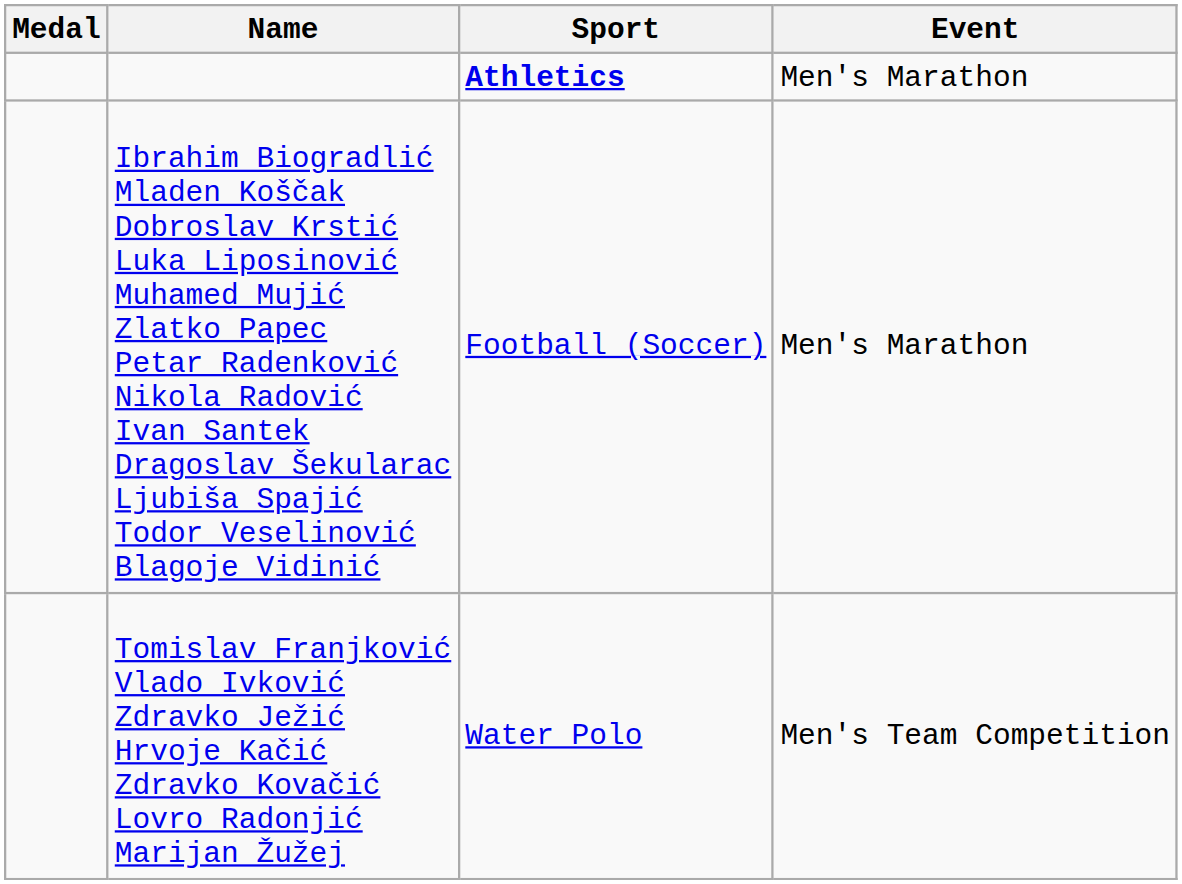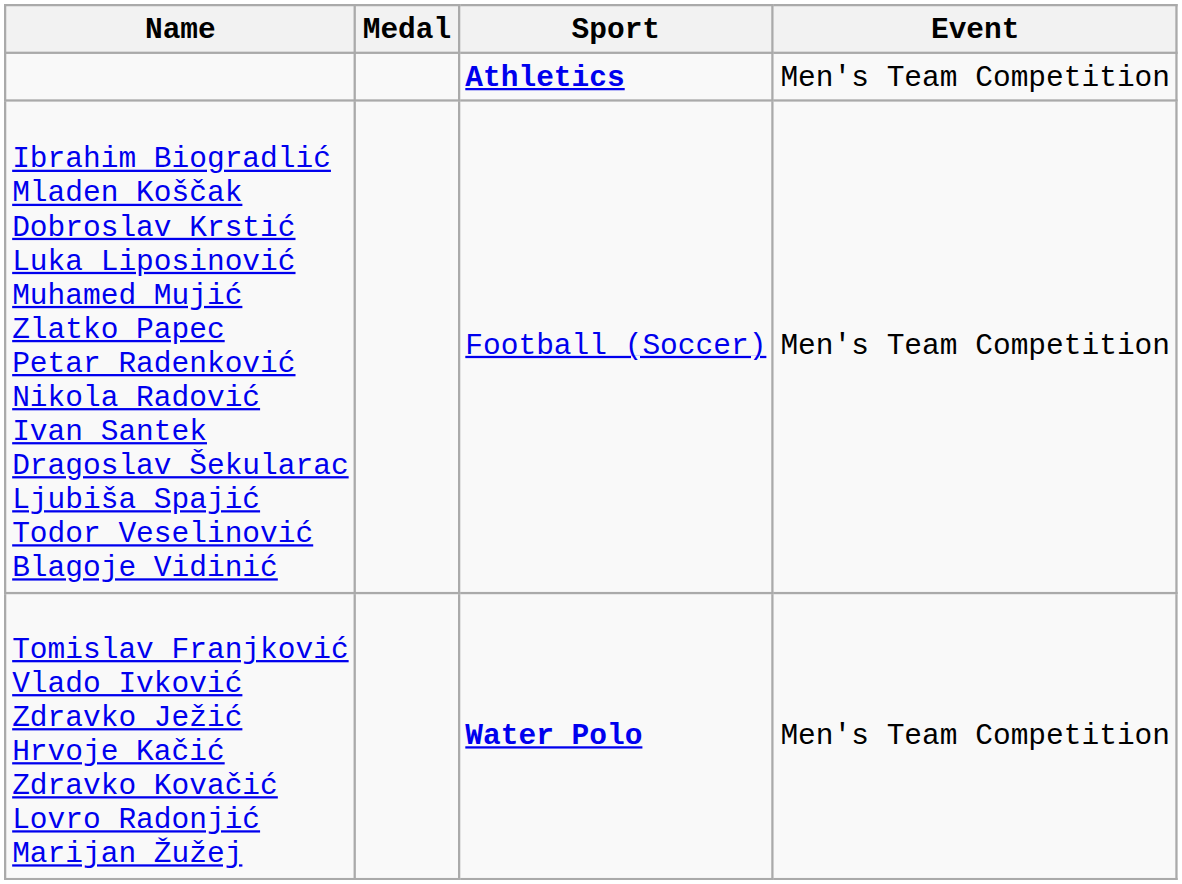 <table class="wikitable sortable">
 <tr>
+<th>Name</th>
 <th>Medal</th>
-<th>Name</th>
 <th>Sport</th>
 <th>Event</th>
 </tr>
 <tr>
 <td></td>
 <td></td>
 <td><strong><a href='#'>Athletics</a></strong></td>
-<td>Men's Marathon</td>
+<td>Men's Team Competition</td>
 </tr>
 <tr>
+<td> <br><a href='#'>Ibrahim Biogradlić</a> <br><a href='#'>Mladen Koščak</a> <br><a href='#'>Dobroslav Krstić</a> <br><a href='#'>Luka Liposinović</a> <br><a href='#'>Muhamed Mujić</a> <br><a href='#'>Zlatko Papec</a> <br><a href='#'>Petar Radenković</a> <br><a href='#'>Nikola Radović</a> <br><a href='#'>Ivan Santek</a> <br><a href='#'>Dragoslav Šekularac</a> <br><a href='#'>Ljubiša Spajić</a> <br><a href='#'>Todor Veselinović</a> <br><a href='#'>Blagoje Vidinić</a></td>
 <td></td>
-<td> <br><a href='#'>Ibrahim Biogradlić</a> <br><a href='#'>Mladen Koščak</a> <br><a href='#'>Dobroslav Krstić</a> <br><a href='#'>Luka Liposinović</a> <br><a href='#'>Muhamed Mujić</a> <br><a href='#'>Zlatko Papec</a> <br><a href='#'>Petar Radenković</a> <br><a href='#'>Nikola Radović</a> <br><a href='#'>Ivan Santek</a> <br><a href='#'>Dragoslav Šekularac</a> <br><a href='#'>Ljubiša Spajić</a> <br><a href='#'>Todor Veselinović</a> <br><a href='#'>Blagoje Vidinić</a></td>
 <td><a href='#'>Football (Soccer)</a></td>
-<td>Men's Marathon</td>
+<td>Men's Team Competition</td>
 </tr>
 <tr>
+<td> <br><a href='#'>Tomislav Franjković</a> <br><a href='#'>Vlado Ivković</a> <br><a href='#'>Zdravko Ježić</a> <br><a href='#'>Hrvoje Kačić</a> <br><a href='#'>Zdravko Kovačić</a> <br><a href='#'>Lovro Radonjić</a> <br><a href='#'>Marijan Žužej</a></td>
 <td></td>
-<td> <br><a href='#'>Tomislav Franjković</a> <br><a href='#'>Vlado Ivković</a> <br><a href='#'>Zdravko Ježić</a> <br><a href='#'>Hrvoje Kačić</a> <br><a href='#'>Zdravko Kovačić</a> <br><a href='#'>Lovro Radonjić</a> <br><a href='#'>Marijan Žužej</a></td>
-<td><a href='#'>Water Polo</a></td>
+<td><strong><a href='#'>Water Polo</a></strong></td>
 <td>Men's Team Competition</td>
 </tr>
 </table>
